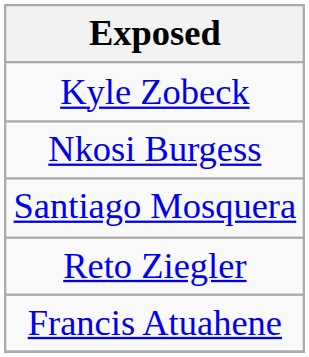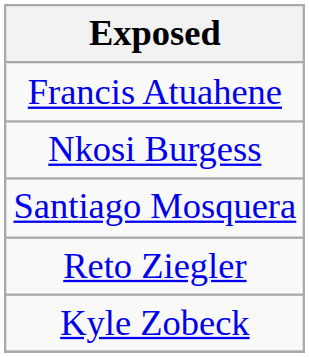 <table class="wikitable" style="text-align:center">
 <tr>
 <th>Exposed</th>
 </tr>
 <tr>
-<td><a href='#'>Kyle Zobeck</a></td>
+<td><a href='#'>Francis Atuahene</a></td>
 </tr>
 <tr>
 <td><a href='#'>Nkosi Burgess</a></td>
 </tr>
 <tr>
 <td><a href='#'>Santiago Mosquera</a></td>
 </tr>
 <tr>
 <td><a href='#'>Reto Ziegler</a></td>
 </tr>
 <tr>
-<td><a href='#'>Francis Atuahene</a></td>
+<td><a href='#'>Kyle Zobeck</a></td>
 </tr>
 <tr>
 </tr>
 </table>
